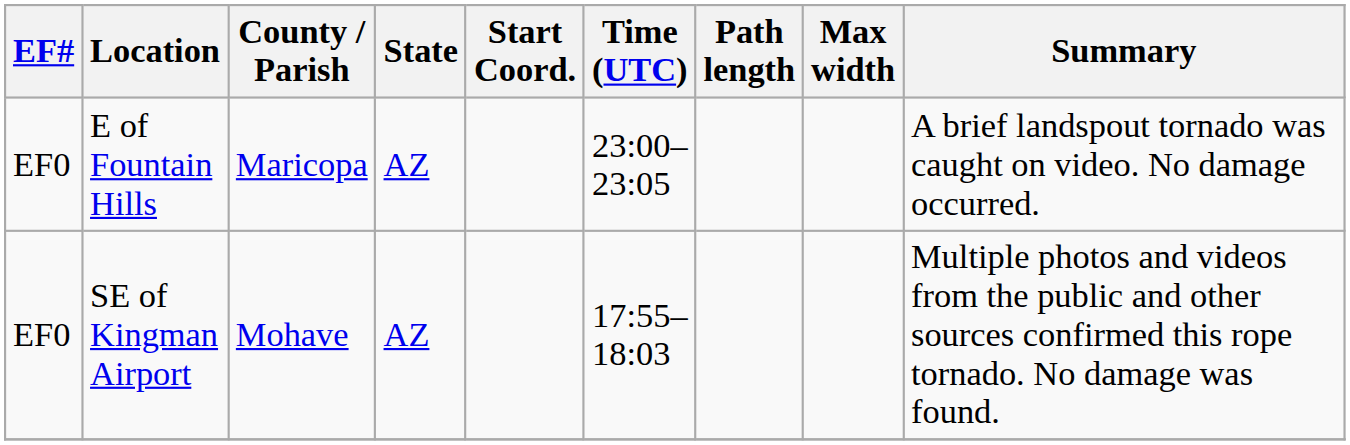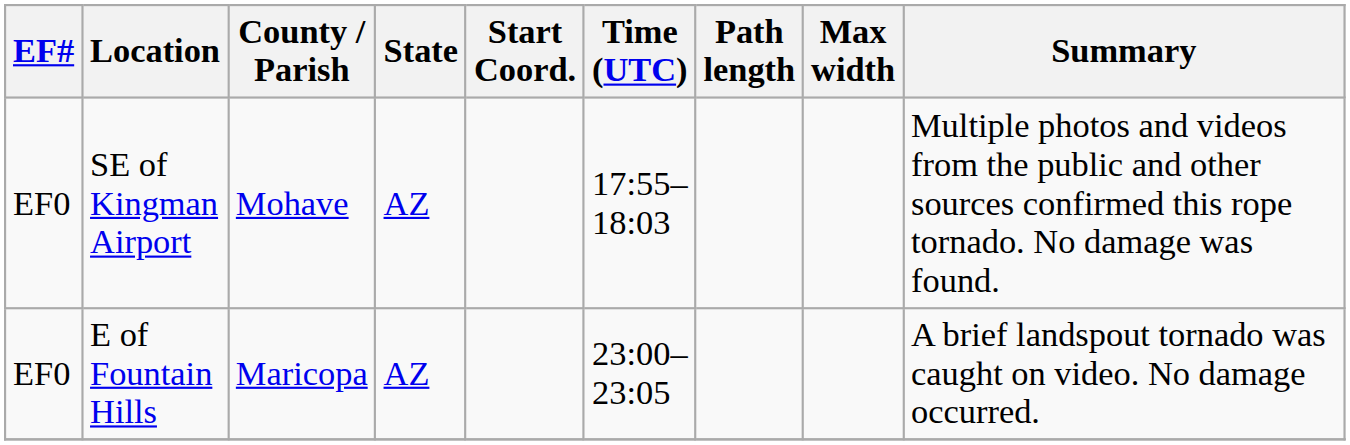 <table class="wikitable sortable" style="width:100%;">
 <tr>
 <th scope="col"  style="width:3%; text-align:center;"><a href='#'>EF#</a></th>
 <th scope="col"  style="width:7%; text-align:center;" class="unsortable">Location</th>
 <th scope="col"  style="width:6%; text-align:center;" class="unsortable">County / Parish</th>
 <th scope="col"  style="width:5%; text-align:center;">State</th>
 <th scope="col"  style="width:6%; text-align:center;">Start Coord.</th>
 <th scope="col"  style="width:6%; text-align:center;">Time (<a href='#'>UTC</a>)</th>
 <th scope="col"  style="width:6%; text-align:center;">Path length</th>
 <th scope="col"  style="width:6%; text-align:center;">Max width</th>
 <th scope="col" class="unsortable" style="width:48%; text-align:center;">Summary</th>
 </tr>
 <tr>
 <td>EF0</td>
+<td>SE of <a href='#'>Kingman Airport</a></td>
+<td><a href='#'>Mohave</a></td>
+<td><a href='#'>AZ</a></td>
+<td></td>
+<td>17:55–18:03</td>
+<td></td>
+<td></td>
+<td>Multiple photos and videos from the public and other sources confirmed this rope tornado. No damage was found.</td>
+</tr>
+<tr>
+<td>EF0</td>
 <td>E of <a href='#'>Fountain Hills</a></td>
 <td><a href='#'>Maricopa</a></td>
 <td><a href='#'>AZ</a></td>
 <td></td>
 <td>23:00–23:05</td>
 <td></td>
 <td></td>
 <td>A brief landspout tornado was caught on video. No damage occurred.</td>
 </tr>
 <tr>
-<td>EF0</td>
-<td>SE of <a href='#'>Kingman Airport</a></td>
-<td><a href='#'>Mohave</a></td>
-<td><a href='#'>AZ</a></td>
-<td></td>
-<td>17:55–18:03</td>
-<td></td>
-<td></td>
-<td>Multiple photos and videos from the public and other sources confirmed this rope tornado. No damage was found.</td>
-</tr>
-<tr>
 </tr>
 </table>
